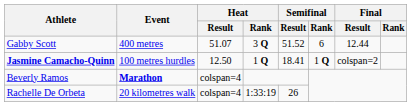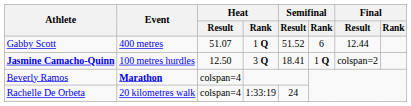 <table class="wikitable" style="font-size:90%">
 <tr>
 <th rowspan="2">Athlete</th>
 <th rowspan="2">Event</th>
 <th colspan="2">Heat</th>
 <th colspan="2">Semifinal</th>
 <th colspan="2">Final</th>
 </tr>
 <tr style="font-size:95%">
 <th>Result</th>
 <th>Rank</th>
 <th>Result</th>
 <th>Rank</th>
 <th>Result</th>
 <th>Rank</th>
 </tr>
 <tr align=center>
 <td align=left><a href='#'>Gabby Scott</a></td>
 <td align=left><a href='#'>400 metres</a></td>
 <td>51.07 </td>
-<td>3 <strong>Q</strong></td>
+<td>1 <strong>Q</strong></td>
 <td>51.52</td>
 <td>6</td>
 <td>12.44</td>
 </tr>
 <tr align=center>
 <td align=left><strong><a href='#'>Jasmine Camacho-Quinn</a></strong></td>
 <td align=left><a href='#'>100 metres hurdles</a></td>
 <td>12.50</td>
-<td>1 <strong>Q</strong></td>
+<td>3 <strong>Q</strong></td>
 <td>18.41</td>
 <td>1 <strong>Q</strong></td>
 <td>colspan=2 </td>
 <td></td>
 </tr>
 <tr align=center>
 <td align=left><a href='#'>Beverly Ramos</a></td>
 <td align=left><strong><a href='#'>Marathon</a></strong></td>
 <td>colspan=4</td>
 <td colspan=2></td>
 </tr>
 <tr align=center>
 <td align=left><a href='#'>Rachelle De Orbeta</a></td>
 <td align=left><a href='#'>20 kilometres walk</a></td>
 <td>colspan=4</td>
 <td>1:33:19</td>
-<td>26</td>
+<td>24</td>
 </tr>
 </table>
